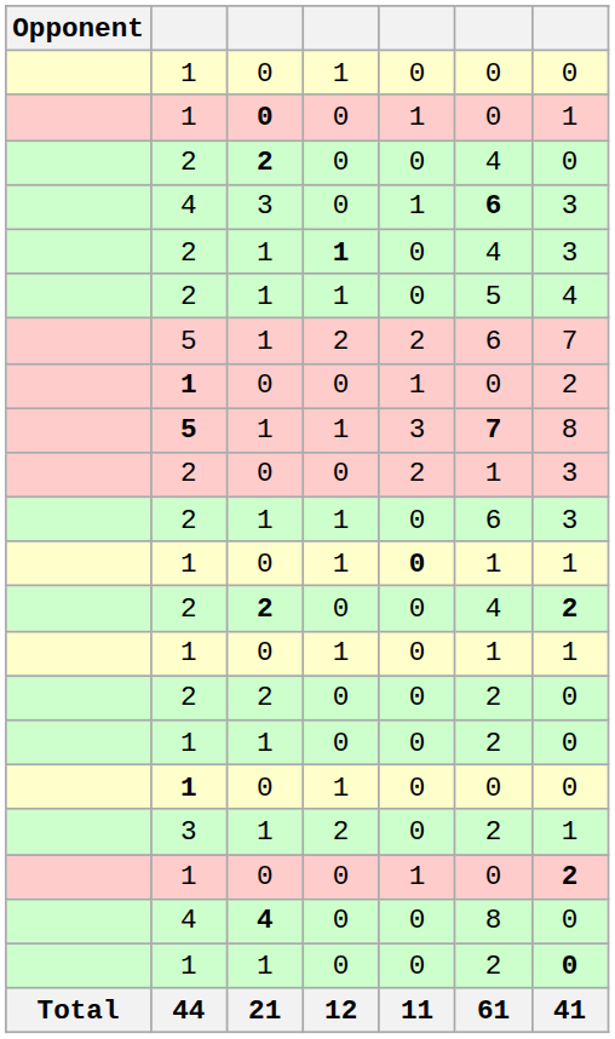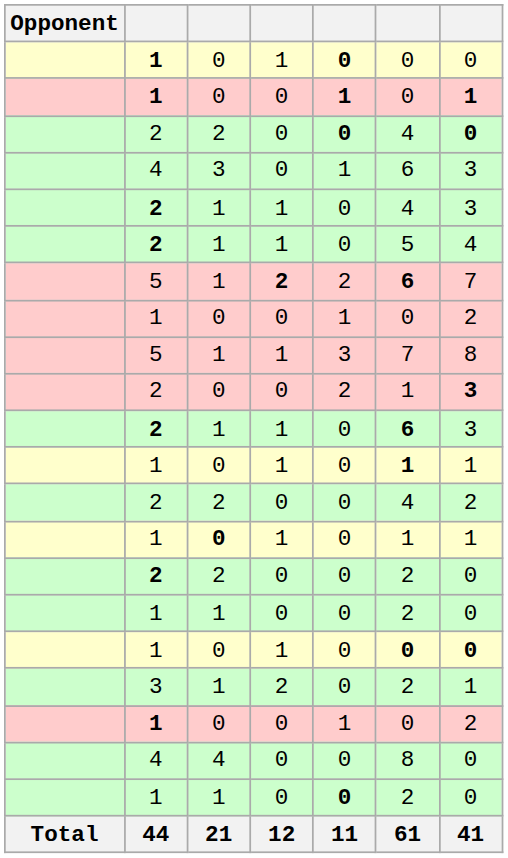 <table class="wikitable sortable" style="text-align: center;">
 <tr>
 <th width="30">Opponent</th>
 <th width="30"></th>
 <th width="30"></th>
 <th width="30"></th>
 <th width="30"></th>
 <th width="30"></th>
 <th width="30"></th>
 </tr>
 <tr bgcolor=#FFFFCC>
 <td align="left"></td>
-<td>1</td>
+<td><strong>1</strong></td>
 <td>0</td>
 <td>1</td>
-<td>0</td>
+<td><strong>0</strong></td>
 <td>0</td>
 <td>0</td>
 </tr>
 <tr bgcolor=#FFCCCC>
 <td align="left"></td>
-<td>1</td>
-<td><strong>0</strong></td>
+<td><strong>1</strong></td>
 <td>0</td>
-<td>1</td>
 <td>0</td>
-<td>1</td>
+<td><strong>1</strong></td>
+<td>0</td>
+<td><strong>1</strong></td>
 </tr>
 <tr bgcolor=#CCFFCC>
 <td align="left"></td>
 <td>2</td>
-<td><strong>2</strong></td>
+<td>2</td>
 <td>0</td>
-<td>0</td>
+<td><strong>0</strong></td>
 <td>4</td>
-<td>0</td>
+<td><strong>0</strong></td>
 </tr>
 <tr bgcolor=#CCFFCC>
 <td align="left"></td>
 <td>4</td>
 <td>3</td>
 <td>0</td>
 <td>1</td>
-<td><strong>6</strong></td>
+<td>6</td>
 <td>3</td>
 </tr>
 <tr bgcolor=#CCFFCC>
 <td align="left"></td>
-<td>2</td>
+<td><strong>2</strong></td>
 <td>1</td>
-<td><strong>1</strong></td>
+<td>1</td>
 <td>0</td>
 <td>4</td>
 <td>3</td>
 </tr>
 <tr bgcolor=#CCFFCC>
 <td align="left"></td>
-<td>2</td>
+<td><strong>2</strong></td>
 <td>1</td>
 <td>1</td>
 <td>0</td>
 <td>5</td>
 <td>4</td>
 </tr>
 <tr bgcolor=#FFCCCC>
 <td align="left"></td>
 <td>5</td>
 <td>1</td>
+<td><strong>2</strong></td>
 <td>2</td>
-<td>2</td>
-<td>6</td>
+<td><strong>6</strong></td>
 <td>7</td>
 </tr>
 <tr bgcolor=#FFCCCC>
 <td align="left"></td>
-<td><strong>1</strong></td>
+<td>1</td>
 <td>0</td>
 <td>0</td>
 <td>1</td>
 <td>0</td>
 <td>2</td>
 </tr>
 <tr bgcolor=#FFCCCC>
 <td align="left"></td>
-<td><strong>5</strong></td>
+<td>5</td>
 <td>1</td>
 <td>1</td>
 <td>3</td>
-<td><strong>7</strong></td>
+<td>7</td>
 <td>8</td>
 </tr>
 <tr bgcolor=#FFCCCC>
 <td align="left"></td>
 <td>2</td>
 <td>0</td>
 <td>0</td>
 <td>2</td>
 <td>1</td>
-<td>3</td>
+<td><strong>3</strong></td>
 </tr>
 <tr bgcolor=#CCFFCC>
 <td align="left"></td>
-<td>2</td>
+<td><strong>2</strong></td>
 <td>1</td>
 <td>1</td>
 <td>0</td>
-<td>6</td>
+<td><strong>6</strong></td>
 <td>3</td>
 </tr>
 <tr bgcolor=#FFFFCC>
 <td align="left"></td>
 <td>1</td>
 <td>0</td>
 <td>1</td>
-<td><strong>0</strong></td>
-<td>1</td>
+<td>0</td>
+<td><strong>1</strong></td>
 <td>1</td>
 </tr>
 <tr bgcolor=#CCFFCC>
 <td align="left"></td>
 <td>2</td>
-<td><strong>2</strong></td>
+<td>2</td>
 <td>0</td>
 <td>0</td>
 <td>4</td>
-<td><strong>2</strong></td>
+<td>2</td>
 </tr>
 <tr bgcolor=#FFFFCC>
 <td align="left"></td>
 <td>1</td>
-<td>0</td>
+<td><strong>0</strong></td>
 <td>1</td>
 <td>0</td>
 <td>1</td>
 <td>1</td>
 </tr>
 <tr bgcolor=#CCFFCC>
 <td align="left"></td>
-<td>2</td>
+<td><strong>2</strong></td>
 <td>2</td>
 <td>0</td>
 <td>0</td>
 <td>2</td>
 <td>0</td>
 </tr>
 <tr bgcolor=#CCFFCC>
 <td align="left"></td>
 <td>1</td>
 <td>1</td>
 <td>0</td>
 <td>0</td>
 <td>2</td>
 <td>0</td>
 </tr>
 <tr bgcolor=#FFFFCC>
 <td align="left"></td>
-<td><strong>1</strong></td>
+<td>1</td>
 <td>0</td>
 <td>1</td>
 <td>0</td>
-<td>0</td>
-<td>0</td>
+<td><strong>0</strong></td>
+<td><strong>0</strong></td>
 </tr>
 <tr bgcolor=#CCFFCC>
 <td align="left"></td>
 <td>3</td>
 <td>1</td>
 <td>2</td>
 <td>0</td>
 <td>2</td>
 <td>1</td>
 </tr>
 <tr bgcolor=#FFCCCC>
 <td align="left"></td>
-<td>1</td>
+<td><strong>1</strong></td>
 <td>0</td>
 <td>0</td>
 <td>1</td>
 <td>0</td>
-<td><strong>2</strong></td>
+<td>2</td>
 </tr>
 <tr bgcolor=#CCFFCC>
 <td align="left"></td>
 <td>4</td>
-<td><strong>4</strong></td>
+<td>4</td>
 <td>0</td>
 <td>0</td>
 <td>8</td>
 <td>0</td>
 </tr>
 <tr bgcolor=#CCFFCC>
 <td align="left"></td>
 <td>1</td>
 <td>1</td>
 <td>0</td>
+<td><strong>0</strong></td>
+<td>2</td>
 <td>0</td>
-<td>2</td>
-<td><strong>0</strong></td>
 </tr>
 <tr>
 <th>Total</th>
 <th>44</th>
 <th>21</th>
 <th>12</th>
 <th>11</th>
 <th>61</th>
 <th>41</th>
 </tr>
 </table>
